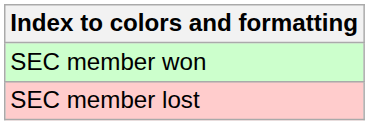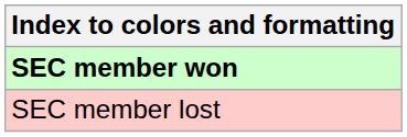 <table class="wikitable">
 <tr>
 <th>Index to colors and formatting</th>
 </tr>
 <tr style="background:#cfc;">
-<td>SEC member won</td>
+<td><strong>SEC member won</strong></td>
 </tr>
 <tr style="background:#fcc;">
 <td>SEC member lost</td>
 </tr>
 </table>
